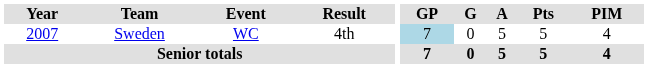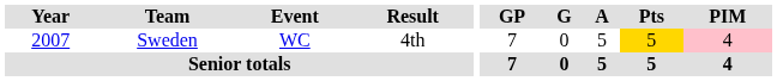 <table border="0" cellpadding="1" cellspacing="0" ID="Table3" style="text-align:center; width:40em">
 <tr ALIGN="center" bgcolor="#e0e0e0">
 <th>Year</th>
 <th>Team</th>
 <th>Event</th>
 <th>Result</th>
 <th rowspan="99" bgcolor="#ffffff"></th>
 <th>GP</th>
 <th>G</th>
 <th>A</th>
 <th>Pts</th>
 <th>PIM</th>
 </tr>
 <tr ALIGN="center">
 <td><a href='#'>2007</a></td>
 <td><a href='#'>Sweden</a></td>
 <td><a href='#'>WC</a></td>
 <td>4th</td>
-<td style="background: lightblue;">7</td>
+<td>7</td>
 <td>0</td>
 <td>5</td>
-<td>5</td>
-<td>4</td>
+<td style="background: gold;">5</td>
+<td style="background: pink;">4</td>
 </tr>
 <tr bgcolor="#e0e0e0">
 <th colspan="4">Senior totals</th>
 <th>7</th>
 <th>0</th>
 <th>5</th>
 <th>5</th>
 <th>4</th>
 </tr>
 </table>
